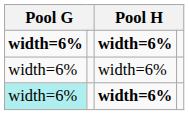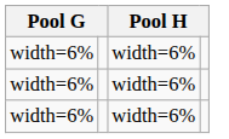 <table class="wikitable">
 <tr>
 <th width=50% colspan=2>Pool G</th>
 <th width=50% colspan=2>Pool H</th>
 </tr>
 <tr>
-<td><strong>width=6% </strong></td>
+<td>width=6% </td>
 <td></td>
-<td><strong>width=6% </strong></td>
+<td>width=6% </td>
 <td></td>
 </tr>
 <tr>
 <td>width=6% </td>
 <td></td>
 <td>width=6% </td>
 <td></td>
 </tr>
 <tr>
-<td style="background: paleturquoise;">width=6% </td>
+<td>width=6% </td>
 <td></td>
-<td><strong>width=6% </strong></td>
+<td>width=6% </td>
 <td></td>
 </tr>
 </table>
